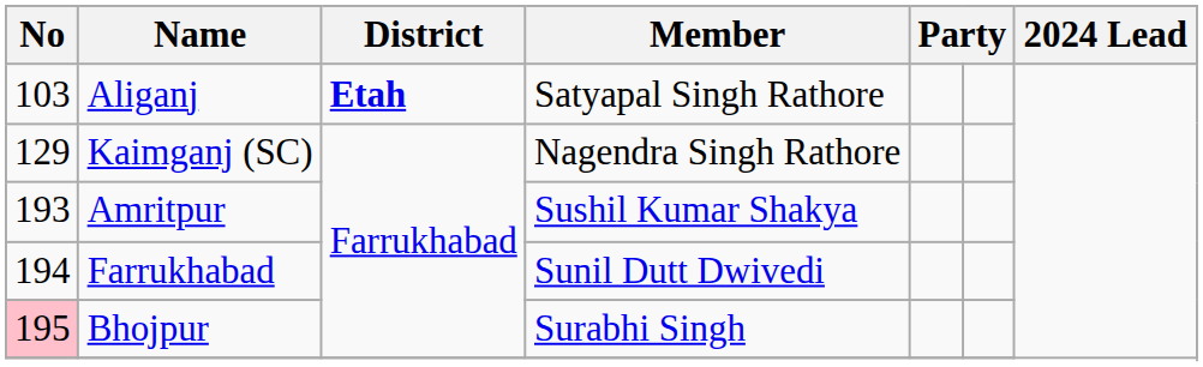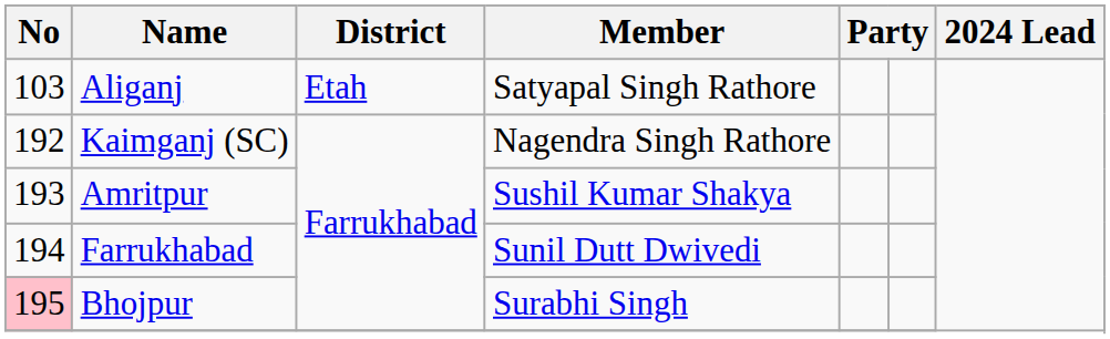 <table class="wikitable sortable">
 <tr>
 <th>No</th>
 <th>Name</th>
 <th>District</th>
 <th>Member</th>
 <th colspan="2">Party</th>
 <th colspan="2">2024 Lead</th>
 </tr>
 <tr>
 <td>103</td>
 <td><a href='#'>Aliganj</a></td>
-<td><strong><a href='#'>Etah</a></strong></td>
+<td><a href='#'>Etah</a></td>
 <td>Satyapal Singh Rathore</td>
 <td></td>
 <td></td>
 </tr>
 <tr>
-<td>129</td>
+<td>192</td>
 <td><a href='#'>Kaimganj</a> (SC)</td>
 <td rowspan="4"><a href='#'>Farrukhabad</a></td>
 <td>Nagendra Singh Rathore</td>
 <td></td>
 <td></td>
 </tr>
 <tr>
 <td>193</td>
 <td><a href='#'>Amritpur</a></td>
 <td><a href='#'>Sushil Kumar Shakya</a></td>
 <td></td>
 <td></td>
 </tr>
 <tr>
 <td>194</td>
 <td><a href='#'>Farrukhabad</a></td>
 <td><a href='#'>Sunil Dutt Dwivedi</a></td>
 <td></td>
 <td></td>
 </tr>
 <tr>
 <td style="background: pink;">195</td>
 <td><a href='#'>Bhojpur</a></td>
 <td><a href='#'>Surabhi Singh</a></td>
 <td></td>
 <td></td>
 </tr>
 <tr>
 </tr>
 </table>
